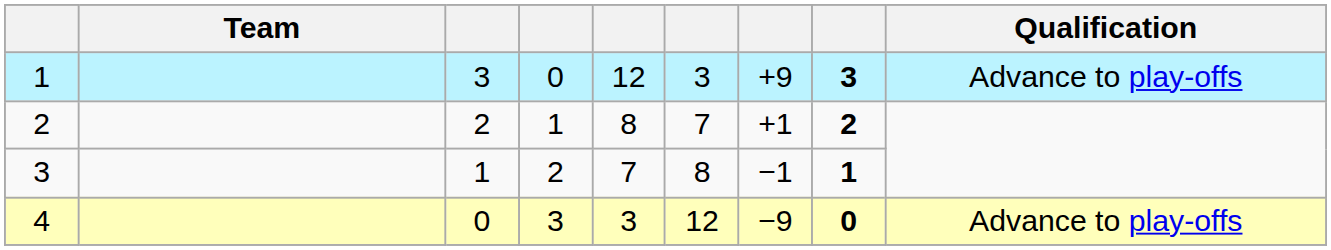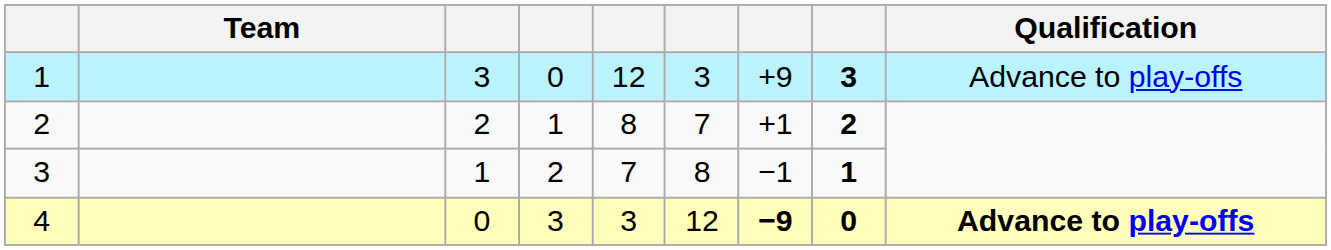 <table class="wikitable" style="text-align:center" width="700">
 <tr>
 <th width="5%"></th>
 <th width="25%">Team</th>
 <th width="5%"></th>
 <th width="5%"></th>
 <th width="5%"></th>
 <th width="5%"></th>
 <th width="5%"></th>
 <th width="5%"></th>
 <th width="30%">Qualification</th>
 </tr>
 <tr bgcolor=#bbf3ff>
 <td>1</td>
 <td style="text-align:left"></td>
 <td>3</td>
 <td>0</td>
 <td>12</td>
 <td>3</td>
 <td>+9</td>
 <td><strong>3</strong></td>
 <td>Advance to <a href='#'>play-offs</a></td>
 </tr>
 <tr>
 <td>2</td>
 <td style="text-align:left"></td>
 <td>2</td>
 <td>1</td>
 <td>8</td>
 <td>7</td>
 <td>+1</td>
 <td><strong>2</strong></td>
 <td rowspan="2"></td>
 </tr>
 <tr>
 <td>3</td>
 <td style="text-align:left"></td>
 <td>1</td>
 <td>2</td>
 <td>7</td>
 <td>8</td>
 <td>−1</td>
 <td><strong>1</strong></td>
 </tr>
 <tr bgcolor=#ffffbb>
 <td>4</td>
 <td style="text-align:left"></td>
 <td>0</td>
 <td>3</td>
 <td>3</td>
 <td>12</td>
-<td>−9</td>
+<td><strong>−9</strong></td>
 <td><strong>0</strong></td>
-<td>Advance to <a href='#'>play-offs</a></td>
+<td><strong>Advance to <a href='#'>play-offs</a></strong></td>
 </tr>
 </table>
